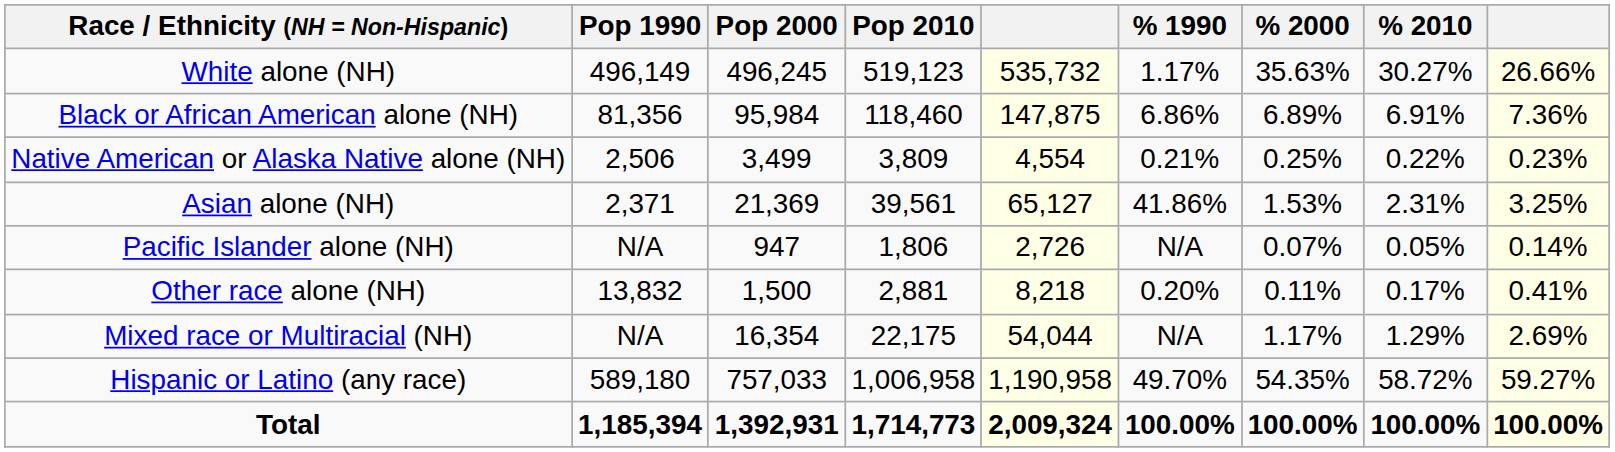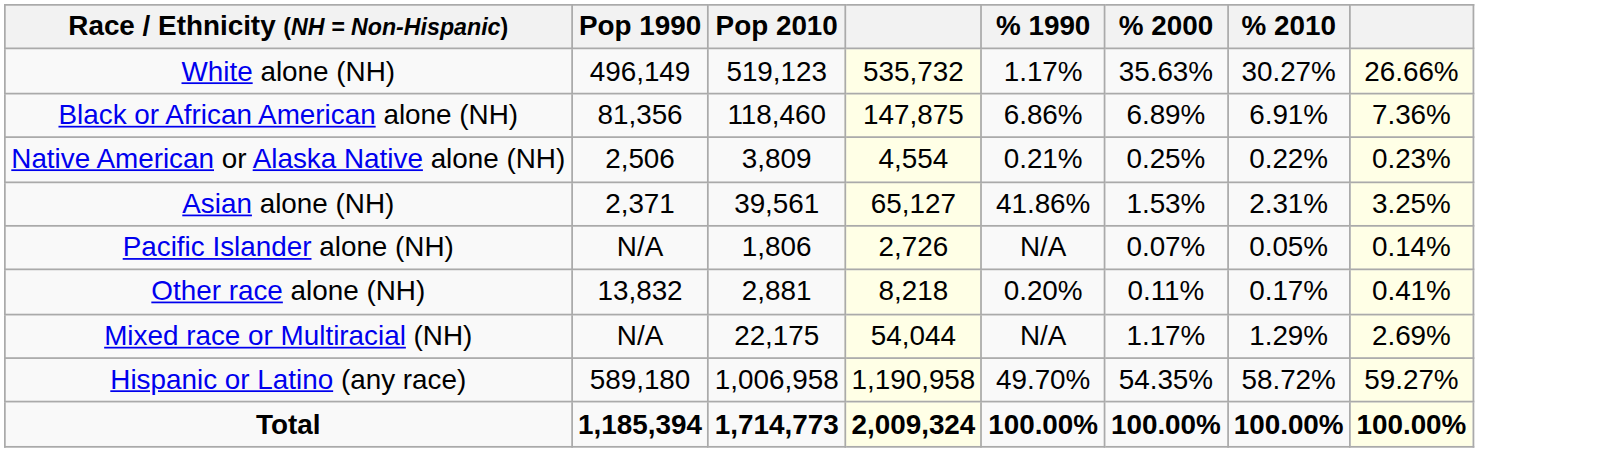 <table class="wikitable"style="text-align:center;">
 <tr>
 <th>Race / Ethnicity <small>(<em>NH = Non-Hispanic</em>)</small></th>
 <th>Pop 1990</th>
-<th>Pop 2000</th>
 <th>Pop 2010</th>
 <th></th>
 <th>% 1990</th>
 <th>% 2000</th>
 <th>% 2010</th>
 <th></th>
 </tr>
 <tr>
 <td><a href='#'>White</a> alone (NH)</td>
 <td>496,149</td>
-<td>496,245</td>
 <td>519,123</td>
 <td style='background: #ffffe6;'>535,732</td>
 <td>1.17%</td>
 <td>35.63%</td>
 <td>30.27%</td>
 <td style='background: #ffffe6;'>26.66%</td>
 </tr>
 <tr>
 <td><a href='#'>Black or African American</a> alone (NH)</td>
 <td>81,356</td>
-<td>95,984</td>
 <td>118,460</td>
 <td style='background: #ffffe6;'>147,875</td>
 <td>6.86%</td>
 <td>6.89%</td>
 <td>6.91%</td>
 <td style='background: #ffffe6;'>7.36%</td>
 </tr>
 <tr>
 <td><a href='#'>Native American</a> or <a href='#'>Alaska Native</a> alone (NH)</td>
 <td>2,506</td>
-<td>3,499</td>
 <td>3,809</td>
 <td style='background: #ffffe6;'>4,554</td>
 <td>0.21%</td>
 <td>0.25%</td>
 <td>0.22%</td>
 <td style='background: #ffffe6;'>0.23%</td>
 </tr>
 <tr>
 <td><a href='#'>Asian</a> alone (NH)</td>
 <td>2,371</td>
-<td>21,369</td>
 <td>39,561</td>
 <td style='background: #ffffe6;'>65,127</td>
 <td>41.86%</td>
 <td>1.53%</td>
 <td>2.31%</td>
 <td style='background: #ffffe6;'>3.25%</td>
 </tr>
 <tr>
 <td><a href='#'>Pacific Islander</a> alone (NH)</td>
 <td>N/A</td>
-<td>947</td>
 <td>1,806</td>
 <td style='background: #ffffe6;'>2,726</td>
 <td>N/A</td>
 <td>0.07%</td>
 <td>0.05%</td>
 <td style='background: #ffffe6;'>0.14%</td>
 </tr>
 <tr>
 <td><a href='#'>Other race</a> alone (NH)</td>
 <td>13,832</td>
-<td>1,500</td>
 <td>2,881</td>
 <td style='background: #ffffe6;'>8,218</td>
 <td>0.20%</td>
 <td>0.11%</td>
 <td>0.17%</td>
 <td style='background: #ffffe6;'>0.41%</td>
 </tr>
 <tr>
 <td><a href='#'>Mixed race or Multiracial</a> (NH)</td>
 <td>N/A</td>
-<td>16,354</td>
 <td>22,175</td>
 <td style='background: #ffffe6;'>54,044</td>
 <td>N/A</td>
 <td>1.17%</td>
 <td>1.29%</td>
 <td style='background: #ffffe6;'>2.69%</td>
 </tr>
 <tr>
 <td><a href='#'>Hispanic or Latino</a> (any race)</td>
 <td>589,180</td>
-<td>757,033</td>
 <td>1,006,958</td>
 <td style='background: #ffffe6;'>1,190,958</td>
 <td>49.70%</td>
 <td>54.35%</td>
 <td>58.72%</td>
 <td style='background: #ffffe6;'>59.27%</td>
 </tr>
 <tr>
 <td><strong>Total</strong></td>
 <td><strong>1,185,394</strong></td>
-<td><strong>1,392,931</strong></td>
 <td><strong>1,714,773</strong></td>
 <td style='background: #ffffe6;'><strong>2,009,324</strong></td>
 <td><strong>100.00%</strong></td>
 <td><strong>100.00%</strong></td>
 <td><strong>100.00%</strong></td>
 <td style='background: #ffffe6;'><strong>100.00%</strong></td>
 </tr>
 </table>
